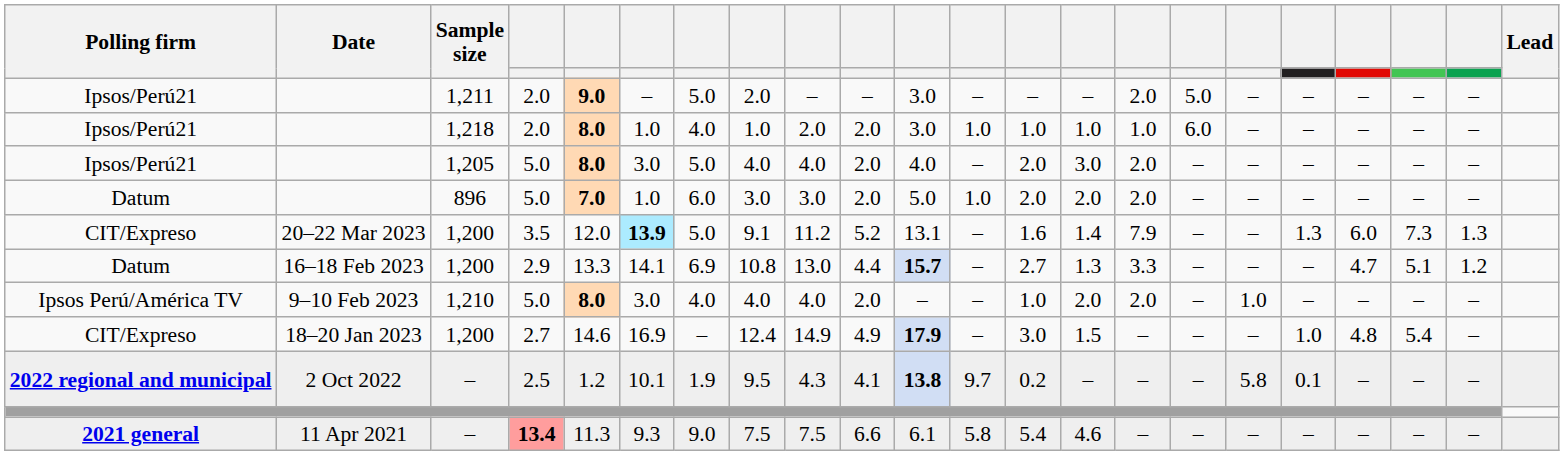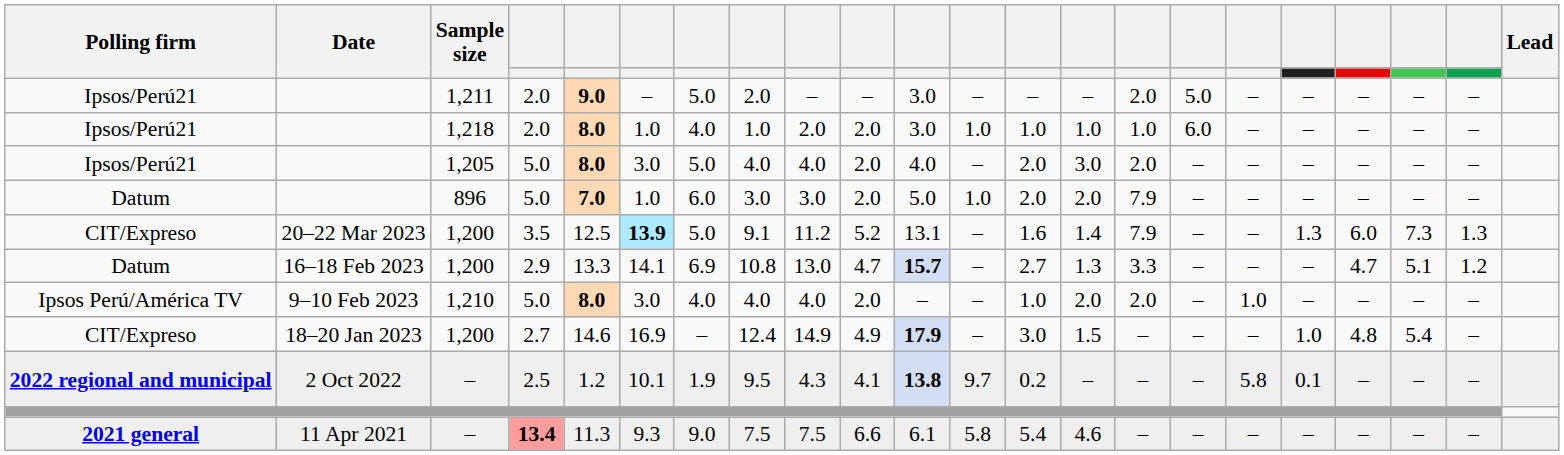 <table class="wikitable mw-datatable collapsible" style="text-align:center; font-size:90%; line-height:16px;">
 <tr style="height:42px;">
 <th rowspan="2">Polling firm</th>
 <th rowspan="2">Date</th>
 <th rowspan="2">Sample<br>size</th>
 <th style="width:30px;"></th>
 <th style="width:30px;"></th>
 <th style="width:30px;"></th>
 <th style="width:30px;"></th>
 <th style="width:30px;"></th>
 <th style="width:30px;"></th>
 <th style="width:30px;"></th>
 <th style="width:30px;"></th>
 <th style="width:30px;"></th>
 <th style="width:30px;"></th>
 <th style="width:30px;"></th>
 <th style="width:30px;"></th>
 <th style="width:30px;"></th>
 <th style="width:30px;"></th>
 <th style="width:30px;"></th>
 <th style="width:30px;"></th>
 <th style="width:30px;"></th>
 <th style="width:30px;"></th>
 <th style="width:28px;" rowspan="2">Lead</th>
 </tr>
 <tr>
 <th style="color:inherit;background:"></th>
 <th style="color:inherit;background:"></th>
 <th style="color:inherit;background:"></th>
 <th style="color:inherit;background:"></th>
 <th style="color:inherit;background:"></th>
 <th style="color:inherit;background:"></th>
 <th style="color:inherit;background:"></th>
 <th style="color:inherit;background:"></th>
 <th style="color:inherit;background:"></th>
 <th style="color:inherit;background:"></th>
 <th style="color:inherit;background:"></th>
 <th style="color:inherit;background:"></th>
 <th style="color:inherit;background:"></th>
 <th style="color:inherit;background:"></th>
 <th style="color:inherit;background:#211F20"></th>
 <th style="color:inherit;background:#E10803"></th>
 <th style="color:inherit;background:#42C553"></th>
 <th style="color:inherit;background:#0AA250"></th>
 </tr>
 <tr>
 <td>Ipsos/Perú21</td>
 <td></td>
 <td>1,211</td>
 <td>2.0</td>
 <td style="background:#FFD9B4"><strong>9.0</strong></td>
 <td>–</td>
 <td>5.0</td>
 <td>2.0</td>
 <td>–</td>
 <td>–</td>
 <td>3.0</td>
 <td>–</td>
 <td>–</td>
 <td>–</td>
 <td>2.0</td>
 <td>5.0</td>
 <td>–</td>
 <td>–</td>
 <td>–</td>
 <td>–</td>
 <td>–</td>
 <td style="background:"></td>
 </tr>
 <tr>
 <td>Ipsos/Perú21</td>
 <td></td>
 <td>1,218</td>
 <td>2.0</td>
 <td style="background:#FFD9B4"><strong>8.0</strong></td>
 <td>1.0</td>
 <td>4.0</td>
 <td>1.0</td>
 <td>2.0</td>
 <td>2.0</td>
 <td>3.0</td>
 <td>1.0</td>
 <td>1.0</td>
 <td>1.0</td>
 <td>1.0</td>
 <td>6.0</td>
 <td>–</td>
 <td>–</td>
 <td>–</td>
 <td>–</td>
 <td>–</td>
 <td style="background:"></td>
 </tr>
 <tr>
 <td>Ipsos/Perú21</td>
 <td></td>
 <td>1,205</td>
 <td>5.0</td>
 <td style="background:#FFD9B4"><strong>8.0</strong></td>
 <td>3.0</td>
 <td>5.0</td>
 <td>4.0</td>
 <td>4.0</td>
 <td>2.0</td>
 <td>4.0</td>
 <td>–</td>
 <td>2.0</td>
 <td>3.0</td>
 <td>2.0</td>
 <td>–</td>
 <td>–</td>
 <td>–</td>
 <td>–</td>
 <td>–</td>
 <td>–</td>
 <td style="background:"></td>
 </tr>
 <tr>
 <td>Datum</td>
 <td></td>
 <td>896</td>
 <td>5.0</td>
 <td style="background:#FFD9B4"><strong>7.0</strong></td>
 <td>1.0</td>
 <td>6.0</td>
 <td>3.0</td>
 <td>3.0</td>
 <td>2.0</td>
 <td>5.0</td>
 <td>1.0</td>
 <td>2.0</td>
 <td>2.0</td>
-<td>2.0</td>
+<td>7.9</td>
 <td>–</td>
 <td>–</td>
 <td>–</td>
 <td>–</td>
 <td>–</td>
 <td>–</td>
 <td style="background:"></td>
 </tr>
 <tr>
 <td>CIT/Expreso</td>
 <td>20–22 Mar 2023</td>
 <td>1,200</td>
 <td>3.5</td>
-<td>12.0</td>
+<td>12.5</td>
 <td style="background:#ACEBFF"><strong>13.9</strong></td>
 <td>5.0</td>
 <td>9.1</td>
 <td>11.2</td>
 <td>5.2</td>
 <td>13.1</td>
 <td>–</td>
 <td>1.6</td>
 <td>1.4</td>
 <td>7.9</td>
 <td>–</td>
 <td>–</td>
 <td>1.3</td>
 <td>6.0</td>
 <td>7.3</td>
 <td>1.3</td>
 <td style="background:"></td>
 </tr>
 <tr>
 <td>Datum</td>
 <td>16–18 Feb 2023</td>
 <td>1,200</td>
 <td>2.9</td>
 <td>13.3</td>
 <td>14.1</td>
 <td>6.9</td>
 <td>10.8</td>
 <td>13.0</td>
-<td>4.4</td>
+<td>4.7</td>
 <td style="background:#D1DEF4"><strong>15.7</strong></td>
 <td>–</td>
 <td>2.7</td>
 <td>1.3</td>
 <td>3.3</td>
 <td>–</td>
 <td>–</td>
 <td>–</td>
 <td>4.7</td>
 <td>5.1</td>
 <td>1.2</td>
 <td style="background:"></td>
 </tr>
 <tr>
 <td>Ipsos Perú/América TV</td>
 <td>9–10 Feb 2023</td>
 <td>1,210</td>
 <td>5.0</td>
 <td style="background:#FFD9B4"><strong>8.0</strong></td>
 <td>3.0</td>
 <td>4.0</td>
 <td>4.0</td>
 <td>4.0</td>
 <td>2.0</td>
 <td>–</td>
 <td>–</td>
 <td>1.0</td>
 <td>2.0</td>
 <td>2.0</td>
 <td>–</td>
 <td>1.0</td>
 <td>–</td>
 <td>–</td>
 <td>–</td>
 <td>–</td>
 <td style="background:"></td>
 </tr>
 <tr>
 <td>CIT/Expreso</td>
 <td>18–20 Jan 2023</td>
 <td>1,200</td>
 <td>2.7</td>
 <td>14.6</td>
 <td>16.9</td>
 <td>–</td>
 <td>12.4</td>
 <td>14.9</td>
 <td>4.9</td>
 <td style="background:#D1DEF4"><strong>17.9</strong></td>
 <td>–</td>
 <td>3.0</td>
 <td>1.5</td>
 <td>–</td>
 <td>–</td>
 <td>–</td>
 <td>1.0</td>
 <td>4.8</td>
 <td>5.4</td>
 <td>–</td>
 <td style="background:"></td>
 </tr>
 <tr style="height:37px; background-color:#EFEFEF;">
 <td><strong><a href='#'>2022 regional and municipal</a></strong></td>
 <td>2 Oct 2022</td>
 <td>–</td>
 <td>2.5</td>
 <td>1.2</td>
 <td>10.1</td>
 <td>1.9</td>
 <td>9.5</td>
 <td>4.3</td>
 <td>4.1</td>
 <td style="background:#D1DEF4"><strong>13.8</strong></td>
 <td>9.7</td>
 <td>0.2</td>
 <td>–</td>
 <td>–</td>
 <td>–</td>
 <td>5.8</td>
 <td>0.1</td>
 <td>–</td>
 <td>–</td>
 <td>–</td>
 <td style="background:"></td>
 </tr>
 <tr>
 <td colspan="21" style="background:#A0A0A0"></td>
 </tr>
 <tr style="background-color:#EFEFEF;">
 <td><strong><a href='#'>2021 general</a></strong></td>
 <td>11 Apr 2021</td>
 <td>–</td>
 <td style="background:#FF9D9D"><strong>13.4</strong><br></td>
 <td>11.3<br></td>
 <td>9.3<br></td>
 <td>9.0<br></td>
 <td>7.5<br></td>
 <td>7.5<br></td>
 <td>6.6<br></td>
 <td>6.1<br></td>
 <td>5.8<br></td>
 <td>5.4<br></td>
 <td>4.6<br></td>
 <td>–</td>
 <td>–</td>
 <td>–</td>
 <td>–</td>
 <td>–</td>
 <td>–</td>
 <td>–</td>
 <td style="background:"></td>
 </tr>
 </table>
